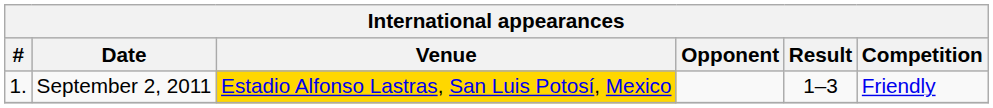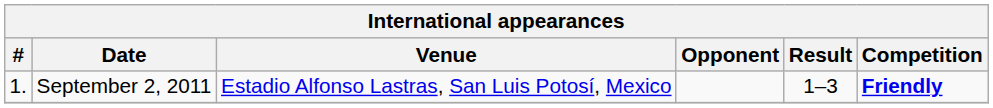 <table class="wikitable collapsible collapsed" style="font-size:90%">
 <tr>
 <th colspan="7"><strong>International appearances</strong></th>
 </tr>
 <tr>
 <th>#</th>
 <th>Date</th>
 <th>Venue</th>
 <th>Opponent</th>
 <th>Result</th>
 <th>Competition</th>
 </tr>
 <tr>
 <td>1.</td>
 <td>September 2, 2011</td>
-<td style="background: gold;"><a href='#'>Estadio Alfonso Lastras</a>, <a href='#'>San Luis Potosí</a>, <a href='#'>Mexico</a></td>
+<td><a href='#'>Estadio Alfonso Lastras</a>, <a href='#'>San Luis Potosí</a>, <a href='#'>Mexico</a></td>
 <td></td>
 <td align=center>1–3</td>
-<td><a href='#'>Friendly</a></td>
+<td><strong><a href='#'>Friendly</a></strong></td>
 </tr>
 <tr>
 </tr>
 </table>
